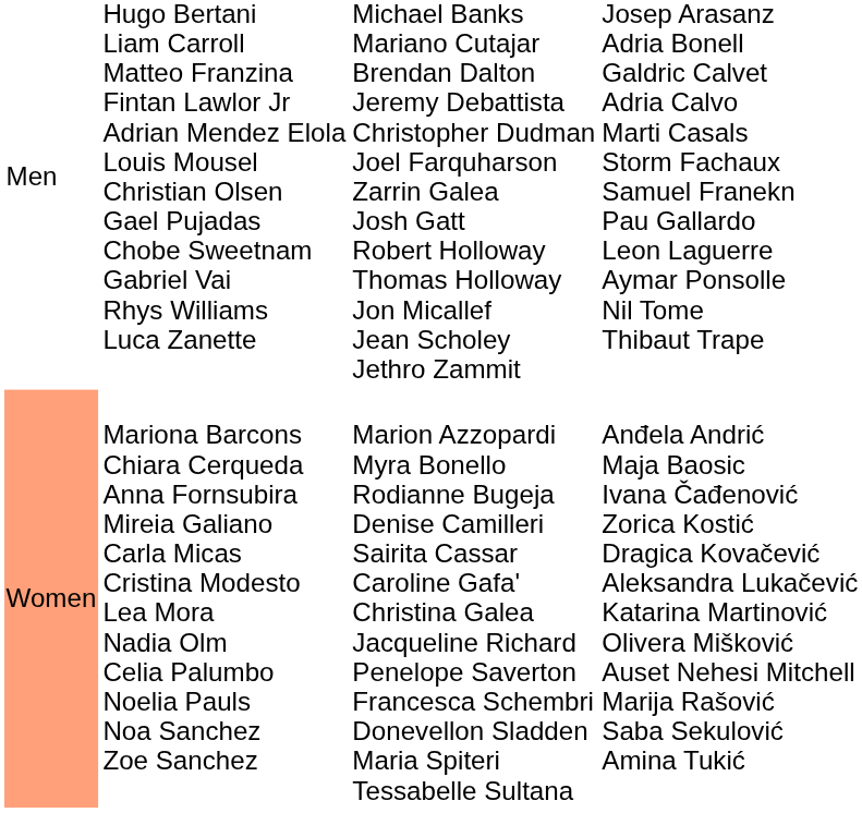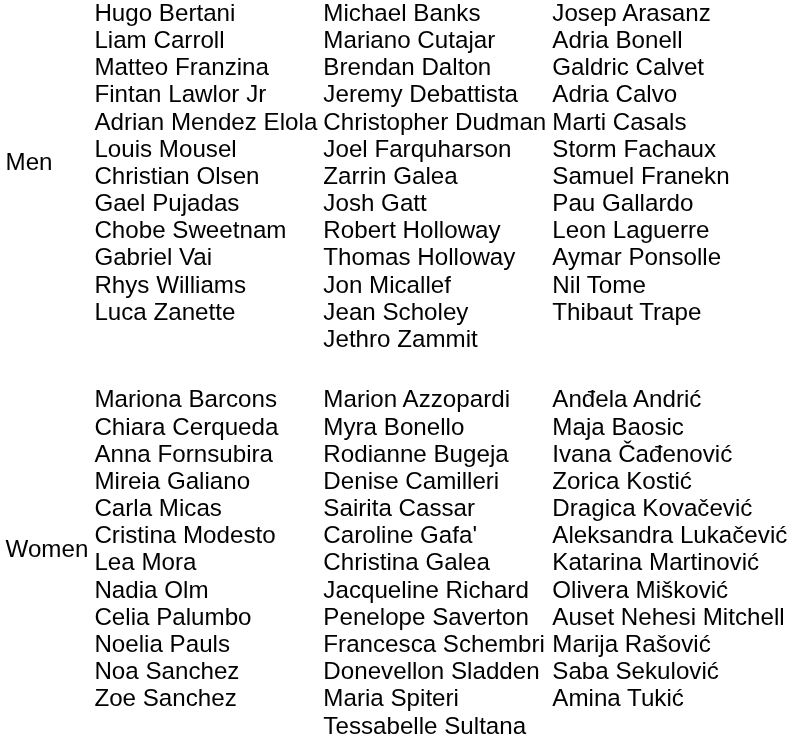 <table>
 <tr>
 <td>Men</td>
 <td valign=top nowrap><br>Hugo Bertani<br>Liam Carroll<br>Matteo Franzina<br>Fintan Lawlor Jr<br>Adrian Mendez Elola<br>Louis Mousel<br>Christian Olsen<br>Gael Pujadas<br>Chobe Sweetnam<br>Gabriel Vai<br>Rhys Williams<br>Luca Zanette</td>
 <td nowrap><br>Michael Banks<br>Mariano Cutajar<br>Brendan Dalton<br>Jeremy Debattista<br>Christopher Dudman<br>Joel Farquharson<br>Zarrin Galea<br>Josh Gatt<br>Robert Holloway<br>Thomas Holloway<br>Jon Micallef<br>Jean Scholey<br>Jethro Zammit</td>
 <td valign=top><br>Josep Arasanz<br>Adria Bonell<br>Galdric Calvet<br>Adria Calvo<br>Marti Casals<br>Storm Fachaux<br>Samuel Franekn<br>Pau Gallardo<br>Leon Laguerre<br>Aymar Ponsolle<br>Nil Tome<br>Thibaut Trape</td>
 </tr>
 <tr>
-<td style="background: lightsalmon;">Women</td>
+<td>Women</td>
 <td valign=top><br>Mariona Barcons<br>Chiara Cerqueda<br>Anna Fornsubira<br>Mireia Galiano<br>Carla Micas<br>Cristina Modesto<br>Lea Mora<br>Nadia Olm<br>Celia Palumbo<br>Noelia Pauls<br>Noa Sanchez<br>Zoe Sanchez</td>
 <td><br>Marion Azzopardi<br>Myra Bonello<br>Rodianne Bugeja<br>Denise Camilleri<br>Sairita Cassar<br>Caroline Gafa'<br>Christina Galea<br>Jacqueline Richard<br>Penelope Saverton<br>Francesca Schembri<br>Donevellon Sladden<br>Maria Spiteri<br>Tessabelle Sultana</td>
 <td valign=top nowrap><br>Anđela Andrić<br>Maja Baosic<br>Ivana Čađenović<br>Zorica Kostić<br>Dragica Kovačević<br>Aleksandra Lukačević<br>Katarina Martinović<br>Olivera Mišković<br>Auset Nehesi Mitchell<br>Marija Rašović<br>Saba Sekulović<br>Amina Tukić</td>
 </tr>
 </table>
